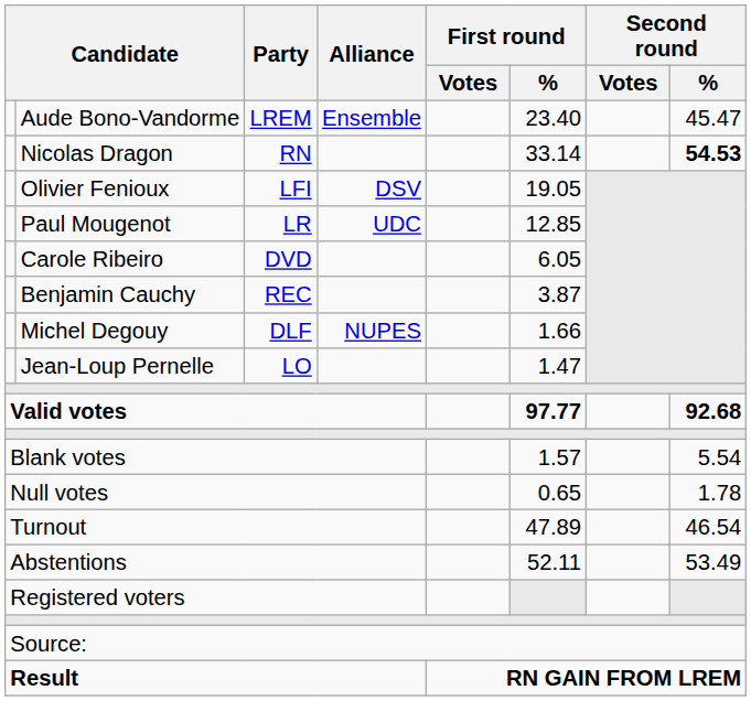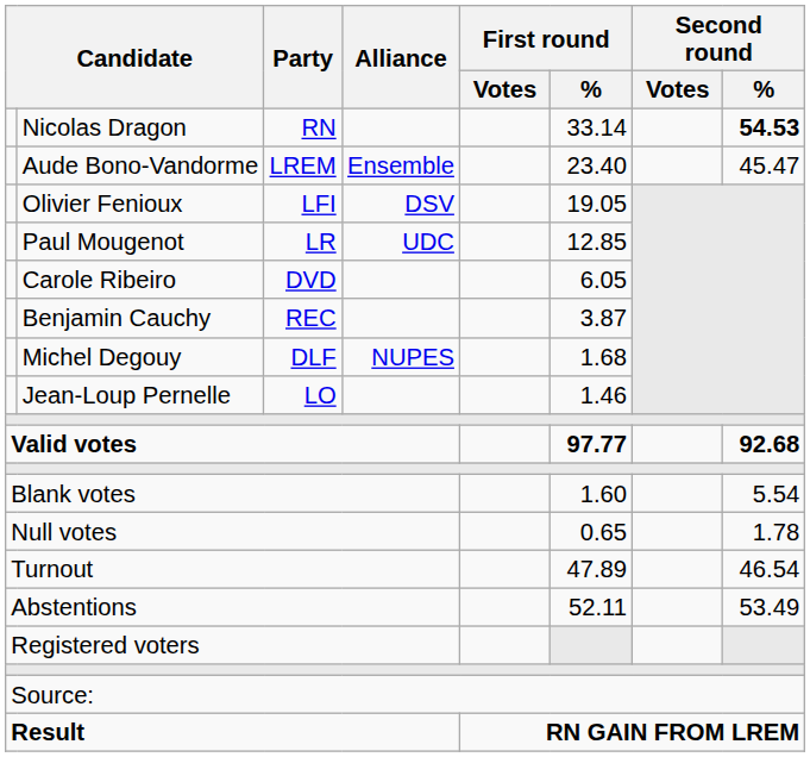 <table class="wikitable" style="text-align:right;font-size:95%;">
 <tr>
 <th colspan="2" rowspan="2">Candidate</th>
 <th colspan="1" rowspan="2">Party</th>
 <th colspan="1" rowspan="2">Alliance</th>
 <th colspan="2">First round</th>
 <th colspan="2">Second round</th>
 </tr>
 <tr>
 <th style="width:50px;">Votes</th>
 <th style="width:45px;">%</th>
 <th style="width:50px;">Votes</th>
 <th style="width:45px;">%</th>
 </tr>
 <tr>
 <td style="color:inherit;background:"></td>
+<td style="text-align:left;">Nicolas Dragon</td>
+<td><a href='#'>RN</a></td>
+<td></td>
+<td></td>
+<td>33.14</td>
+<td><strong></strong></td>
+<td><strong>54.53</strong></td>
+</tr>
+<tr>
+<td style="color:inherit;background:"></td>
 <td style="text-align:left;">Aude Bono-Vandorme</td>
 <td><a href='#'>LREM</a></td>
 <td><a href='#'>Ensemble</a></td>
 <td></td>
 <td>23.40</td>
 <td></td>
 <td>45.47</td>
-</tr>
-<tr>
-<td style="color:inherit;background:"></td>
-<td style="text-align:left;">Nicolas Dragon</td>
-<td><a href='#'>RN</a></td>
-<td></td>
-<td></td>
-<td>33.14</td>
-<td><strong></strong></td>
-<td><strong>54.53</strong></td>
 </tr>
 <tr>
 <td style="color:inherit;background:"></td>
 <td style="text-align:left;">Olivier Fenioux</td>
 <td><a href='#'>LFI</a></td>
 <td><a href='#'>DSV</a></td>
 <td></td>
 <td>19.05</td>
 <td colspan="2" rowspan="6" style="background:#E9E9E9;"></td>
 </tr>
 <tr>
 <td style="color:inherit;background:"></td>
 <td style="text-align:left;">Paul Mougenot</td>
 <td><a href='#'>LR</a></td>
 <td><a href='#'>UDC</a></td>
 <td></td>
 <td>12.85</td>
 </tr>
 <tr>
 <td style="color:inherit;background:"></td>
 <td style="text-align:left;">Carole Ribeiro</td>
 <td><a href='#'>DVD</a></td>
 <td></td>
 <td></td>
 <td>6.05</td>
 </tr>
 <tr>
 <td style="color:inherit;background:"></td>
 <td style="text-align:left;">Benjamin Cauchy</td>
 <td><a href='#'>REC</a></td>
 <td></td>
 <td></td>
 <td>3.87</td>
 </tr>
 <tr>
 <td style="color:inherit;background:"></td>
 <td style="text-align:left;">Michel Degouy</td>
 <td><a href='#'>DLF</a></td>
 <td><a href='#'>NUPES</a></td>
 <td></td>
-<td>1.66</td>
+<td>1.68</td>
 </tr>
 <tr>
 <td style="color:inherit;background:"></td>
 <td style="text-align:left;">Jean-Loup Pernelle</td>
 <td><a href='#'>LO</a></td>
 <td></td>
 <td></td>
-<td>1.47</td>
+<td>1.46</td>
 </tr>
 <tr>
 <td colspan="8" style="background:#E9E9E9;"></td>
 </tr>
 <tr style="font-weight:bold;">
 <td colspan="4" style="text-align:left;">Valid votes</td>
 <td></td>
 <td>97.77</td>
 <td></td>
 <td>92.68</td>
 </tr>
 <tr>
 <td colspan="8" style="background:#E9E9E9;"></td>
 </tr>
 <tr>
 <td colspan="4" style="text-align:left;">Blank votes</td>
 <td></td>
-<td>1.57</td>
+<td>1.60</td>
 <td></td>
 <td>5.54</td>
 </tr>
 <tr>
 <td colspan="4" style="text-align:left;">Null votes</td>
 <td></td>
 <td>0.65</td>
 <td></td>
 <td>1.78</td>
 </tr>
 <tr>
 <td colspan="4" style="text-align:left;">Turnout</td>
 <td></td>
 <td>47.89</td>
 <td></td>
 <td>46.54</td>
 </tr>
 <tr>
 <td colspan="4" style="text-align:left;">Abstentions</td>
 <td></td>
 <td>52.11</td>
 <td></td>
 <td>53.49</td>
 </tr>
 <tr>
 <td colspan="4" style="text-align:left;">Registered voters</td>
 <td></td>
 <td style="background:#E9E9E9;"></td>
 <td></td>
 <td style="background:#E9E9E9;"></td>
 </tr>
 <tr>
 <td colspan="8" style="background:#E9E9E9;"></td>
 </tr>
 <tr>
 <td colspan="8" style="text-align:left;">Source: </td>
 </tr>
 <tr style="font-weight:bold">
 <td colspan="4" style="text-align:left;">Result</td>
 <td colspan="4" style="background-color:">RN GAIN FROM LREM</td>
 </tr>
 </table>
